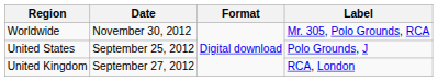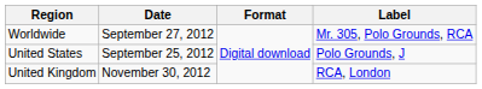 <table class=wikitable>
 <tr>
 <th>Region</th>
 <th>Date</th>
 <th>Format</th>
 <th>Label</th>
 </tr>
 <tr>
 <td>Worldwide</td>
-<td>November 30, 2012</td>
+<td>September 27, 2012</td>
 <td rowspan="3"><a href='#'>Digital download</a></td>
 <td><a href='#'>Mr. 305</a>, <a href='#'>Polo Grounds</a>, <a href='#'>RCA</a></td>
 </tr>
 <tr>
 <td>United States</td>
 <td>September 25, 2012</td>
 <td><a href='#'>Polo Grounds</a>, <a href='#'>J</a></td>
 </tr>
 <tr>
 <td>United Kingdom</td>
-<td>September 27, 2012</td>
+<td>November 30, 2012</td>
 <td><a href='#'>RCA</a>, <a href='#'>London</a></td>
 </tr>
 </table>
